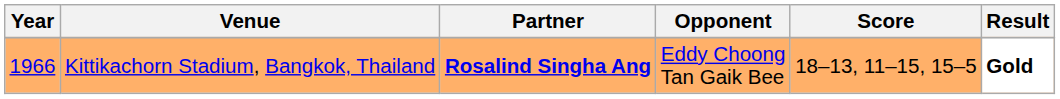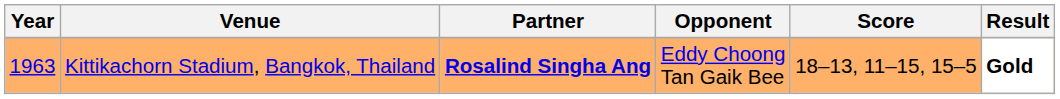 <table class="sortable wikitable" style="font-size: 90%;">
 <tr>
 <th>Year</th>
 <th>Venue</th>
 <th>Partner</th>
 <th>Opponent</th>
 <th>Score</th>
 <th>Result</th>
 </tr>
 <tr>
 </tr>
 <tr style="background:#FFB069">
-<td align="center"><a href='#'>1966</a></td>
+<td align="center"><a href='#'>1963</a></td>
 <td align="left"><a href='#'>Kittikachorn Stadium</a>, <a href='#'>Bangkok, Thailand</a></td>
 <td align="left"><strong> <a href='#'>Rosalind Singha Ang</a></strong></td>
 <td align="left"> <a href='#'>Eddy Choong</a><br> Tan Gaik Bee</td>
 <td align="left">18–13, 11–15, 15–5</td>
 <td style="text-align:left; background:white"> <strong>Gold</strong></td>
 </tr>
 </table>
